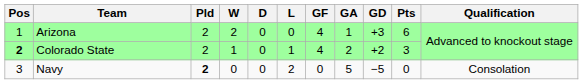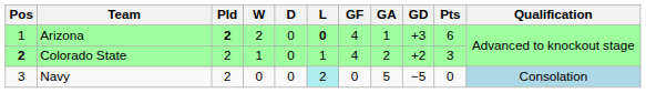 <table class="wikitable" style="text-align:center; margin: 1em auto">
 <tr>
 <th style="width:2em">Pos</th>
 <th style="width:13em">Team</th>
 <th style="width:2em">Pld</th>
 <th style="width:2em">W</th>
 <th style="width:2em">D</th>
 <th style="width:2em">L</th>
 <th style="width:2em">GF</th>
 <th style="width:2em">GA</th>
 <th style="width:2em">GD</th>
 <th style="width:2em">Pts</th>
 <th style="width:13em">Qualification</th>
 </tr>
 <tr bgcolor="#9eff9e">
 <td>1</td>
 <td style="text-align:left">Arizona</td>
-<td>2</td>
+<td><strong>2</strong></td>
 <td>2</td>
 <td>0</td>
-<td>0</td>
+<td><strong>0</strong></td>
 <td>4</td>
 <td>1</td>
 <td>+3</td>
 <td>6</td>
 <td rowspan="2">Advanced to knockout stage</td>
 </tr>
 <tr bgcolor="#9eff9e">
 <td><strong>2</strong></td>
 <td style="text-align:left">Colorado State</td>
 <td>2</td>
 <td>1</td>
 <td>0</td>
 <td>1</td>
 <td>4</td>
 <td>2</td>
 <td>+2</td>
 <td>3</td>
 </tr>
 <tr>
 <td>3</td>
 <td style="text-align:left">Navy</td>
-<td><strong>2</strong></td>
+<td>2</td>
 <td>0</td>
 <td>0</td>
-<td>2</td>
+<td style="background: paleturquoise;">2</td>
 <td>0</td>
 <td>5</td>
 <td>−5</td>
 <td>0</td>
-<td>Consolation</td>
+<td style="background: lightblue;">Consolation</td>
 </tr>
 </table>
